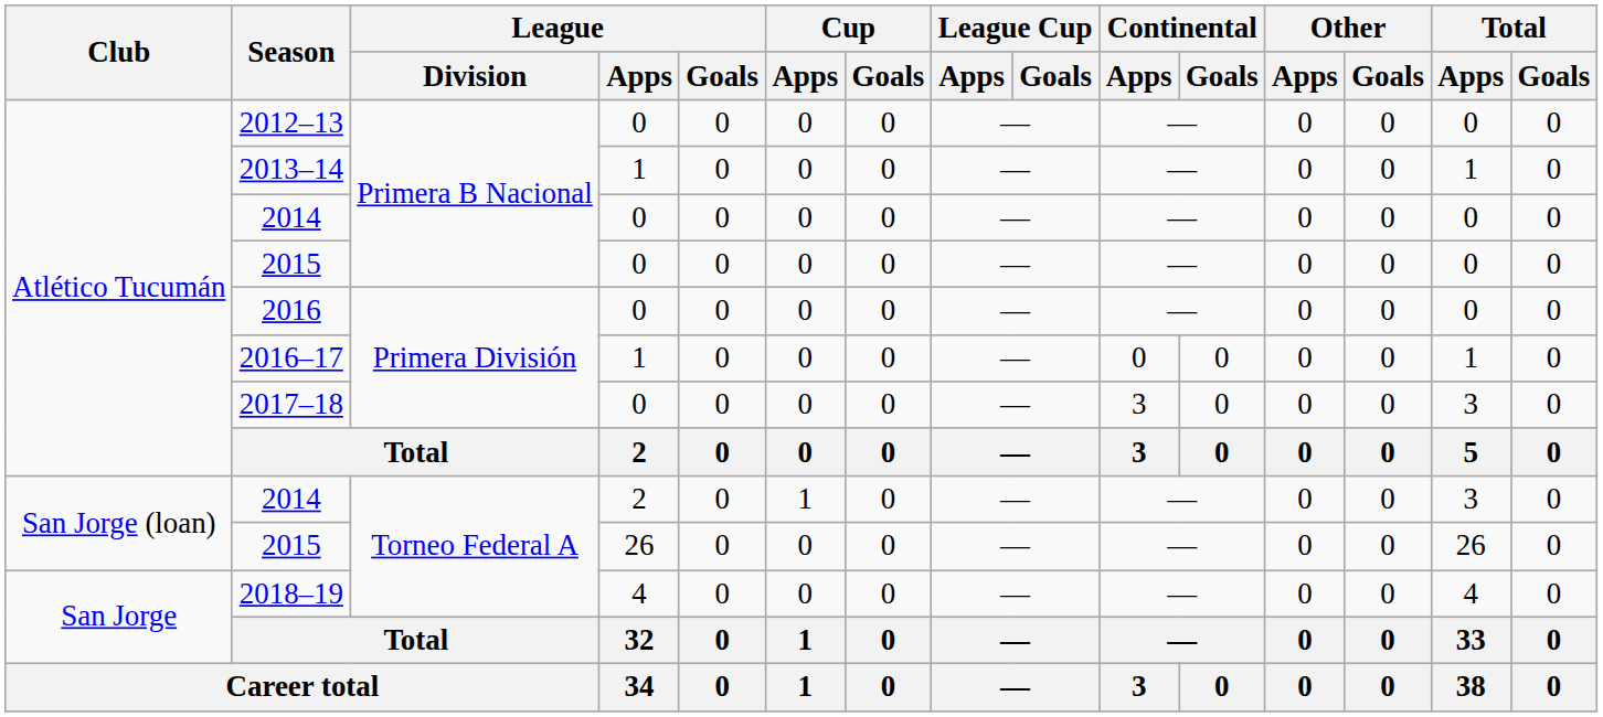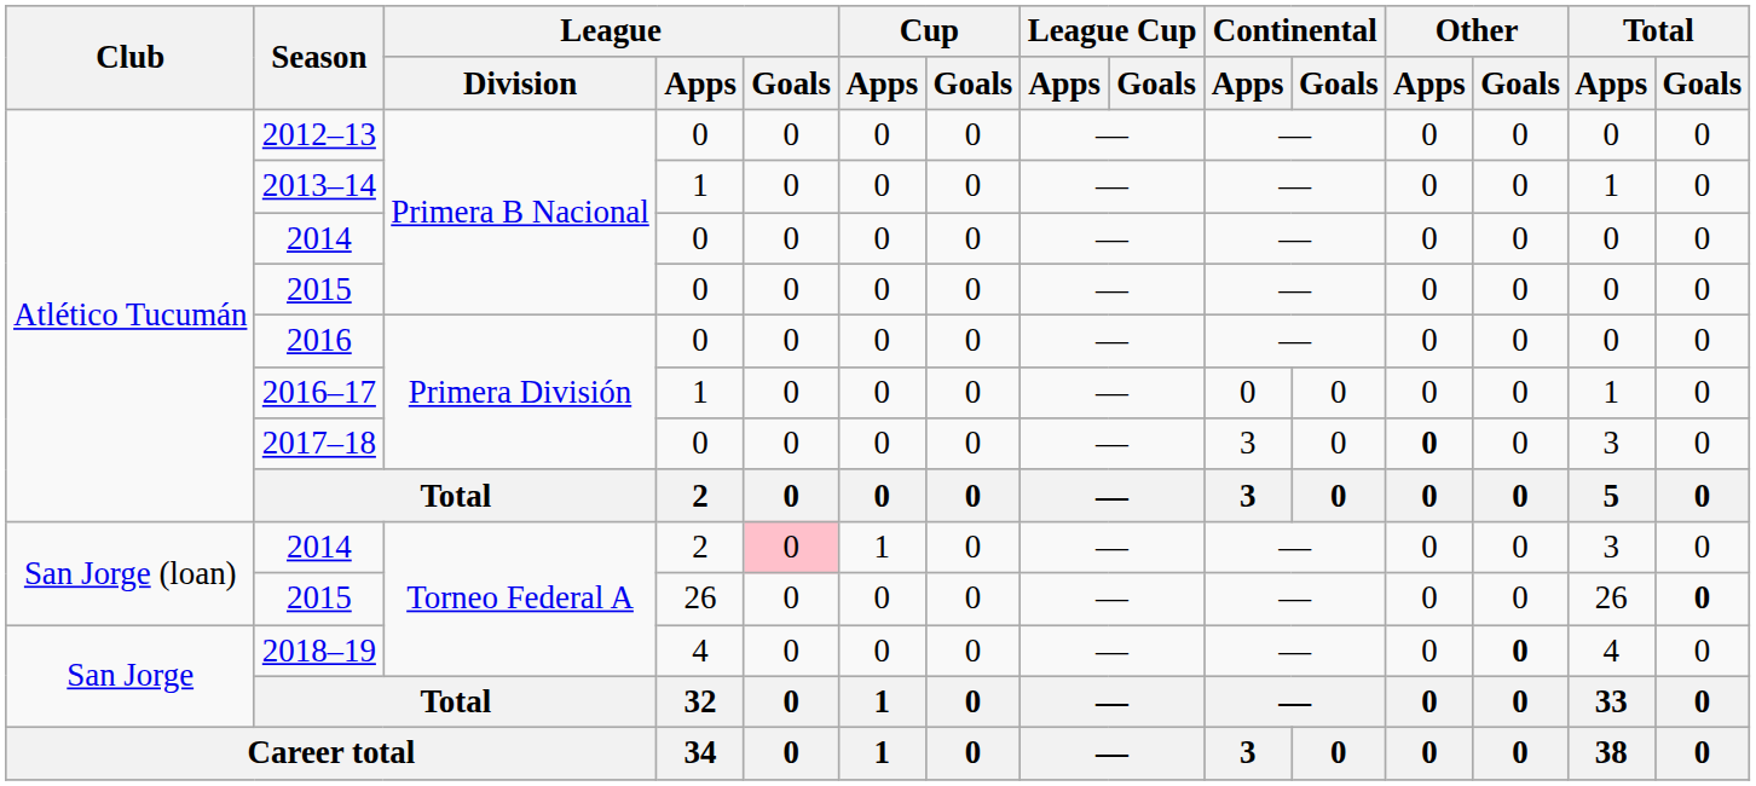 <table class="wikitable" style="text-align:center">
 <tr>
 <th rowspan="2">Club</th>
 <th rowspan="2">Season</th>
 <th colspan="3">League</th>
 <th colspan="2">Cup</th>
 <th colspan="2">League Cup</th>
 <th colspan="2">Continental</th>
 <th colspan="2">Other</th>
 <th colspan="2">Total</th>
 </tr>
 <tr>
 <th>Division</th>
 <th>Apps</th>
 <th>Goals</th>
 <th>Apps</th>
 <th>Goals</th>
 <th>Apps</th>
 <th>Goals</th>
 <th>Apps</th>
 <th>Goals</th>
 <th>Apps</th>
 <th>Goals</th>
 <th>Apps</th>
 <th>Goals</th>
 </tr>
 <tr>
 <td rowspan="8"><a href='#'>Atlético Tucumán</a></td>
 <td><a href='#'>2012–13</a></td>
 <td rowspan="4"><a href='#'>Primera B Nacional</a></td>
 <td>0</td>
 <td>0</td>
 <td>0</td>
 <td>0</td>
 <td colspan="2">—</td>
 <td colspan="2">—</td>
 <td>0</td>
 <td>0</td>
 <td>0</td>
 <td>0</td>
 </tr>
 <tr>
 <td><a href='#'>2013–14</a></td>
 <td>1</td>
 <td>0</td>
 <td>0</td>
 <td>0</td>
 <td colspan="2">—</td>
 <td colspan="2">—</td>
 <td>0</td>
 <td>0</td>
 <td>1</td>
 <td>0</td>
 </tr>
 <tr>
 <td><a href='#'>2014</a></td>
 <td>0</td>
 <td>0</td>
 <td>0</td>
 <td>0</td>
 <td colspan="2">—</td>
 <td colspan="2">—</td>
 <td>0</td>
 <td>0</td>
 <td>0</td>
 <td>0</td>
 </tr>
 <tr>
 <td><a href='#'>2015</a></td>
 <td>0</td>
 <td>0</td>
 <td>0</td>
 <td>0</td>
 <td colspan="2">—</td>
 <td colspan="2">—</td>
 <td>0</td>
 <td>0</td>
 <td>0</td>
 <td>0</td>
 </tr>
 <tr>
 <td><a href='#'>2016</a></td>
 <td rowspan="3"><a href='#'>Primera División</a></td>
 <td>0</td>
 <td>0</td>
 <td>0</td>
 <td>0</td>
 <td colspan="2">—</td>
 <td colspan="2">—</td>
 <td>0</td>
 <td>0</td>
 <td>0</td>
 <td>0</td>
 </tr>
 <tr>
 <td><a href='#'>2016–17</a></td>
 <td>1</td>
 <td>0</td>
 <td>0</td>
 <td>0</td>
 <td colspan="2">—</td>
 <td>0</td>
 <td>0</td>
 <td>0</td>
 <td>0</td>
 <td>1</td>
 <td>0</td>
 </tr>
 <tr>
 <td><a href='#'>2017–18</a></td>
 <td>0</td>
 <td>0</td>
 <td>0</td>
 <td>0</td>
 <td colspan="2">—</td>
 <td>3</td>
 <td>0</td>
-<td>0</td>
+<td><strong>0</strong></td>
 <td>0</td>
 <td>3</td>
 <td>0</td>
 </tr>
 <tr>
 <th colspan="2">Total</th>
 <th>2</th>
 <th>0</th>
 <th>0</th>
 <th>0</th>
 <th colspan="2">—</th>
 <th>3</th>
 <th>0</th>
 <th>0</th>
 <th>0</th>
 <th>5</th>
 <th>0</th>
 </tr>
 <tr>
 <td rowspan="2"><a href='#'>San Jorge</a> (loan)</td>
 <td><a href='#'>2014</a></td>
 <td rowspan="3"><a href='#'>Torneo Federal A</a></td>
 <td>2</td>
-<td>0</td>
+<td style="background: pink;">0</td>
 <td>1</td>
 <td>0</td>
 <td colspan="2">—</td>
 <td colspan="2">—</td>
 <td>0</td>
 <td>0</td>
 <td>3</td>
 <td>0</td>
 </tr>
 <tr>
 <td><a href='#'>2015</a></td>
 <td>26</td>
 <td>0</td>
 <td>0</td>
 <td>0</td>
 <td colspan="2">—</td>
 <td colspan="2">—</td>
 <td>0</td>
 <td>0</td>
 <td>26</td>
-<td>0</td>
+<td><strong>0</strong></td>
 </tr>
 <tr>
 <td rowspan="2"><a href='#'>San Jorge</a></td>
 <td><a href='#'>2018–19</a></td>
 <td>4</td>
 <td>0</td>
 <td>0</td>
 <td>0</td>
 <td colspan="2">—</td>
 <td colspan="2">—</td>
 <td>0</td>
-<td>0</td>
+<td><strong>0</strong></td>
 <td>4</td>
 <td>0</td>
 </tr>
 <tr>
 <th colspan="2">Total</th>
 <th>32</th>
 <th>0</th>
 <th>1</th>
 <th>0</th>
 <th colspan="2">—</th>
 <th colspan="2">—</th>
 <th>0</th>
 <th>0</th>
 <th>33</th>
 <th>0</th>
 </tr>
 <tr>
 <th colspan="3">Career total</th>
 <th>34</th>
 <th>0</th>
 <th>1</th>
 <th>0</th>
 <th colspan="2">—</th>
 <th>3</th>
 <th>0</th>
 <th>0</th>
 <th>0</th>
 <th>38</th>
 <th>0</th>
 </tr>
 </table>
